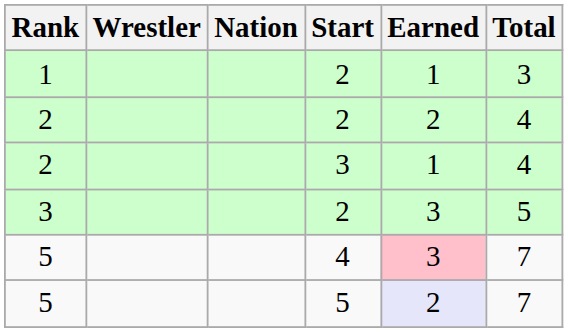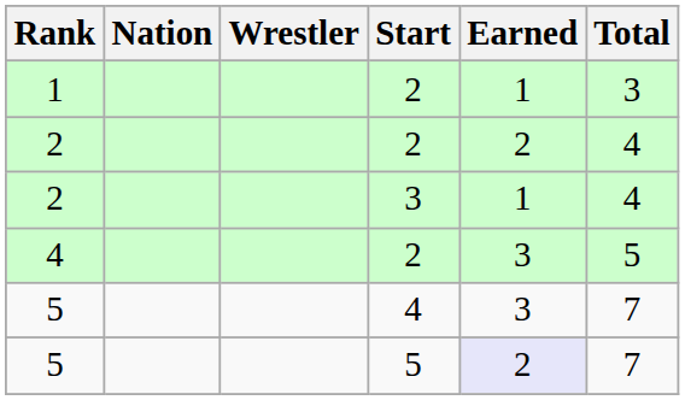 <table class="wikitable sortable" style="text-align:center;">
 <tr>
 <th>Rank</th>
+<th>Nation</th>
 <th>Wrestler</th>
-<th>Nation</th>
 <th>Start</th>
 <th>Earned</th>
 <th>Total</th>
 </tr>
 <tr style="background:#cfc;">
 <td>1</td>
 <td align=left></td>
 <td align=left></td>
 <td>2</td>
 <td>1</td>
 <td>3</td>
 </tr>
 <tr style="background:#cfc;">
 <td>2</td>
 <td align=left></td>
 <td align=left></td>
 <td>2</td>
 <td>2</td>
 <td>4</td>
 </tr>
 <tr style="background:#cfc;">
 <td>2</td>
 <td align=left></td>
 <td align=left></td>
 <td>3</td>
 <td>1</td>
 <td>4</td>
 </tr>
 <tr style="background:#cfc;">
-<td>3</td>
+<td>4</td>
 <td align=left></td>
 <td align=left></td>
 <td>2</td>
 <td>3</td>
 <td>5</td>
 </tr>
 <tr>
 <td>5</td>
 <td align=left></td>
 <td align=left></td>
 <td>4</td>
-<td style="background: pink;">3</td>
+<td>3</td>
 <td>7</td>
 </tr>
 <tr>
 <td>5</td>
 <td align=left></td>
 <td align=left></td>
 <td>5</td>
 <td style="background: lavender;">2</td>
 <td>7</td>
 </tr>
 </table>
